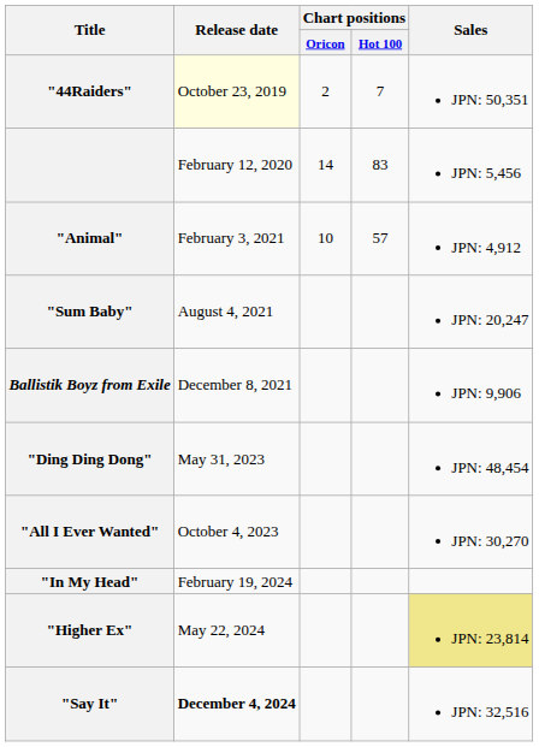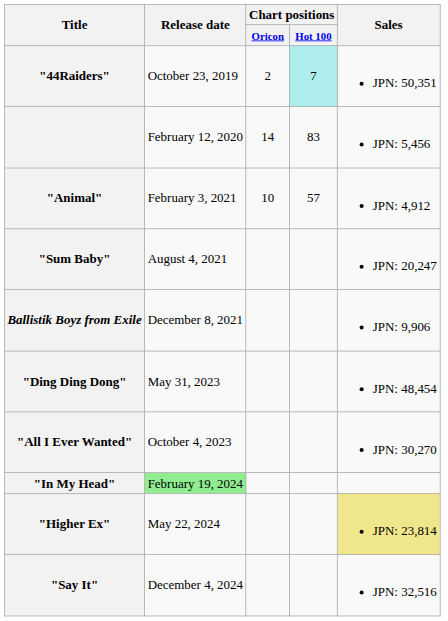 <table class="wikitable plainrowheaders">
 <tr>
 <th rowspan="2">Title</th>
 <th rowspan="2">Release date</th>
 <th colspan="2">Chart positions</th>
 <th rowspan="2">Sales</th>
 </tr>
 <tr>
 <th><small><a href='#'>Oricon</a><br></small></th>
 <th><small><a href='#'>Hot 100</a></small><br></th>
 </tr>
 <tr>
 <th scope="row">"44Raiders"</th>
-<td style="background: lightyellow;">October 23, 2019</td>
+<td>October 23, 2019</td>
 <td align="center">2</td>
-<td align="center">7</td>
+<td align="center" style="background: paleturquoise;">7</td>
 <td><br><ul><li>JPN: 50,351</li></ul></td>
 </tr>
 <tr>
 <th scope="row"></th>
 <td>February 12, 2020</td>
 <td align="center">14</td>
 <td align="center">83</td>
 <td><br><ul><li>JPN: 5,456</li></ul></td>
 </tr>
 <tr>
 <th scope="row">"Animal"</th>
 <td>February 3, 2021</td>
 <td align="center">10</td>
 <td align="center">57</td>
 <td><br><ul><li>JPN: 4,912</li></ul></td>
 </tr>
 <tr>
 <th scope="row">"Sum Baby"</th>
 <td>August 4, 2021</td>
 <td></td>
 <td></td>
 <td><br><ul><li>JPN: 20,247</li></ul></td>
 </tr>
 <tr>
 <th scope="row"><em>Ballistik Boyz from Exile</em>  <br></th>
 <td>December 8, 2021</td>
 <td></td>
 <td></td>
 <td><br><ul><li>JPN: 9,906</li></ul></td>
 </tr>
 <tr>
 <th scope="row">"Ding Ding Dong"</th>
 <td>May 31, 2023</td>
 <td></td>
 <td></td>
 <td><br><ul><li>JPN: 48,454</li></ul></td>
 </tr>
 <tr>
 <th scope="row">"All I Ever Wanted"<br></th>
 <td>October 4, 2023</td>
 <td></td>
 <td></td>
 <td><br><ul><li>JPN: 30,270</li></ul></td>
 </tr>
 <tr>
 <th scope="row">"In My Head"</th>
-<td>February 19, 2024</td>
+<td style="background: lightgreen;">February 19, 2024</td>
 <td></td>
 <td></td>
 <td></td>
 </tr>
 <tr>
 <th scope="row">"Higher Ex"</th>
 <td>May 22, 2024</td>
 <td></td>
 <td></td>
 <td style="background: khaki;"><br><ul><li>JPN: 23,814</li></ul></td>
 </tr>
 <tr>
 <th scope="row">"Say It"</th>
-<td><strong>December 4, 2024</strong></td>
+<td>December 4, 2024</td>
 <td></td>
 <td></td>
 <td><br><ul><li>JPN: 32,516</li></ul></td>
 </tr>
 </table>
